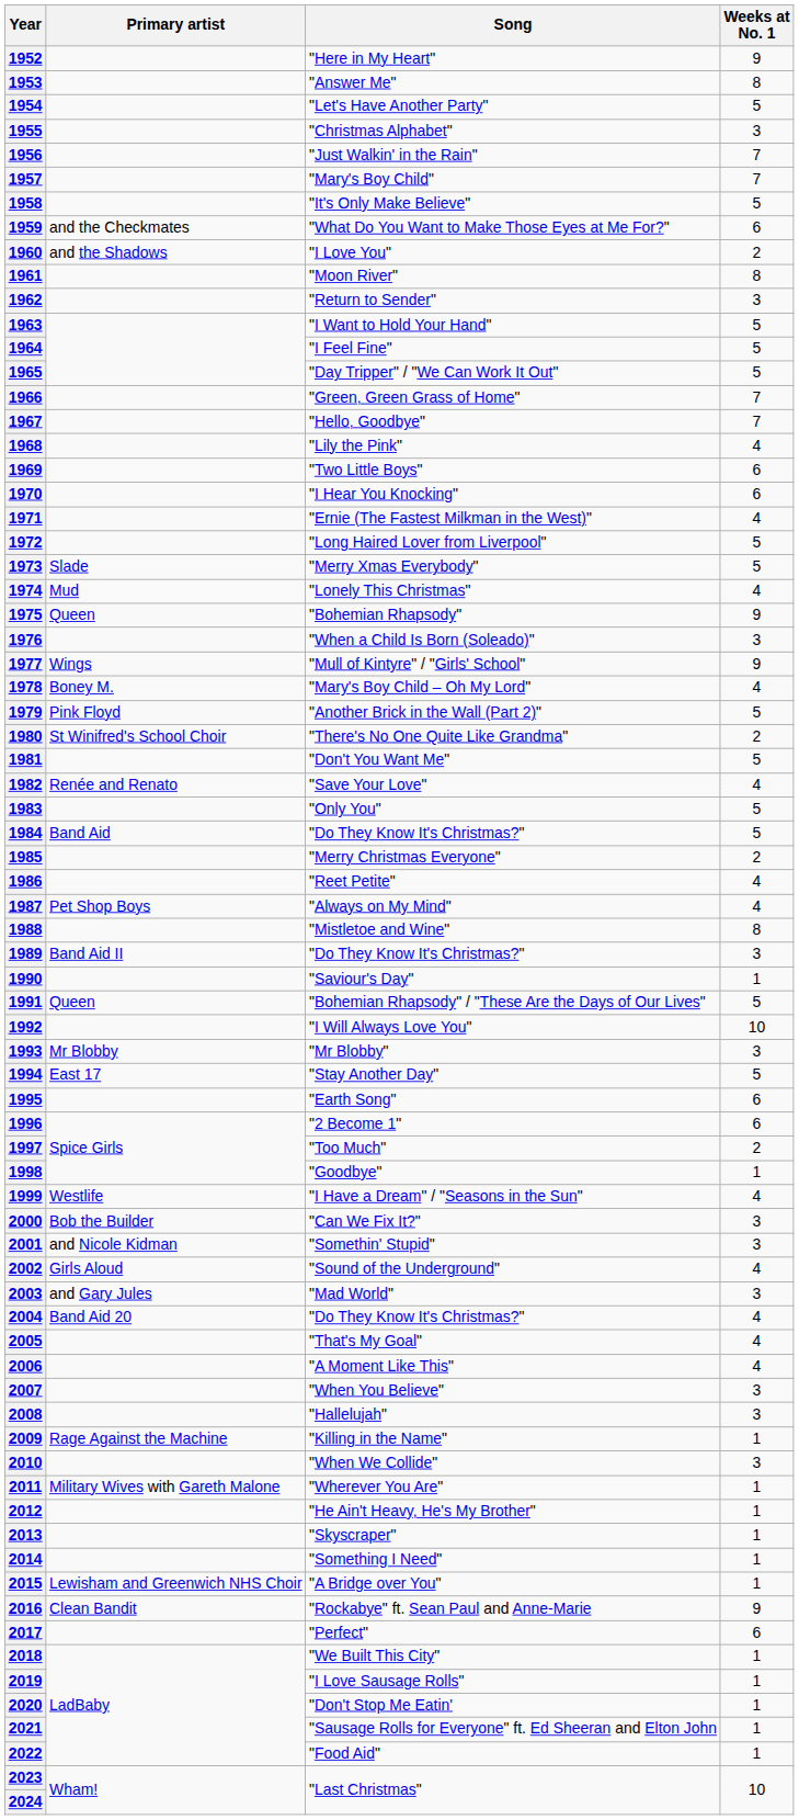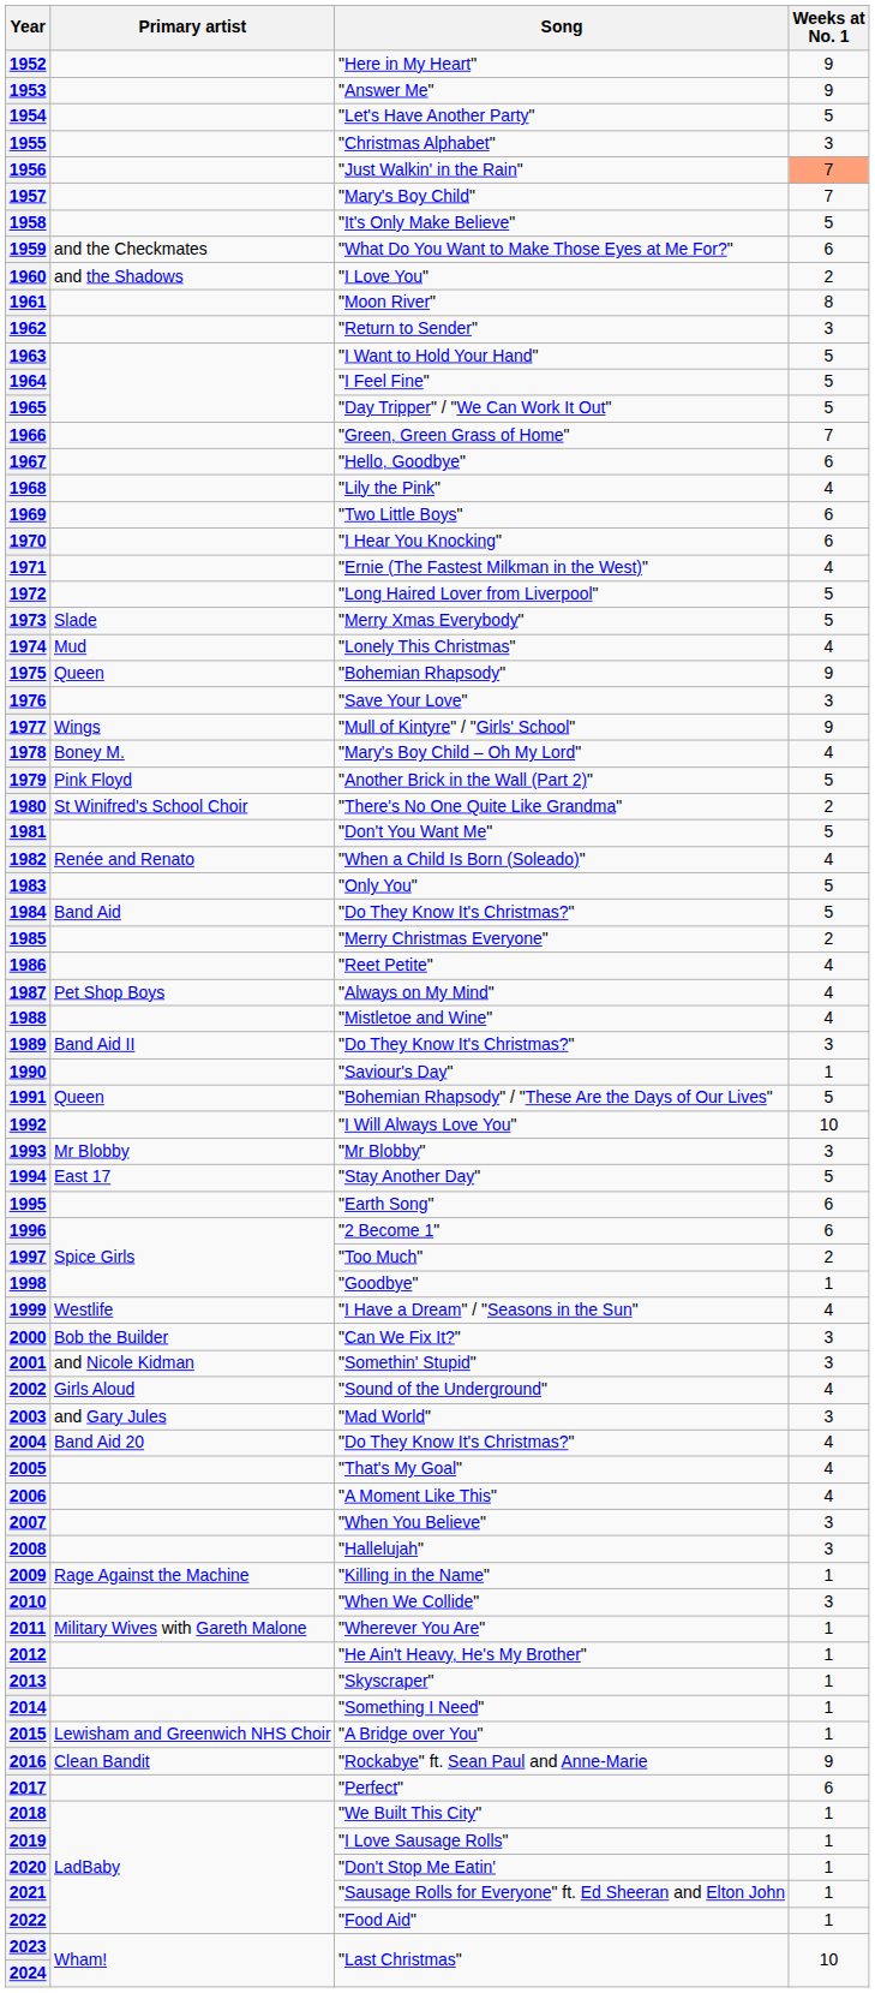 <table class="wikitable plainrowheaders sortable" style="align:left;">
 <tr>
 <th scope="col" style="align:center;">Year</th>
 <th scope="col">Primary artist</th>
 <th scope="col">Song</th>
 <th scope="col">Weeks at<br>No. 1</th>
 </tr>
 <tr>
 <th scope="row" style="text-align:center;"><a href='#'>1952</a></th>
 <td></td>
 <td>"<a href='#'>Here in My Heart</a>"</td>
 <td align="center">9</td>
 </tr>
 <tr>
 <th scope="row" style="text-align:center;"><a href='#'>1953</a></th>
 <td></td>
 <td>"<a href='#'>Answer Me</a>"</td>
-<td align="center">8</td>
+<td align="center">9</td>
 </tr>
 <tr>
 <th scope="row" style="text-align:center;"><a href='#'>1954</a></th>
 <td></td>
 <td>"<a href='#'>Let's Have Another Party</a>"</td>
 <td align="center">5</td>
 </tr>
 <tr>
 <th scope="row" style="text-align:center;"><a href='#'>1955</a></th>
 <td></td>
 <td>"<a href='#'>Christmas Alphabet</a>"</td>
 <td align="center">3</td>
 </tr>
 <tr>
 <th scope="row" style="text-align:center;"><a href='#'>1956</a></th>
 <td></td>
 <td>"<a href='#'>Just Walkin' in the Rain</a>"</td>
-<td align="center">7</td>
+<td align="center" style="background: lightsalmon;">7</td>
 </tr>
 <tr>
 <th scope="row" style="text-align:center;"><a href='#'>1957</a></th>
 <td></td>
 <td>"<a href='#'>Mary's Boy Child</a>"</td>
 <td align="center">7</td>
 </tr>
 <tr>
 <th scope="row" style="text-align:center;"><a href='#'>1958</a></th>
 <td></td>
 <td>"<a href='#'>It's Only Make Believe</a>"</td>
 <td align="center">5</td>
 </tr>
 <tr>
 <th scope="row" style="text-align:center;"><a href='#'>1959</a></th>
 <td> and the Checkmates</td>
 <td>"<a href='#'>What Do You Want to Make Those Eyes at Me For?</a>"</td>
 <td align="center">6</td>
 </tr>
 <tr>
 <th scope="row" style="text-align:center;"><a href='#'>1960</a></th>
 <td> and <a href='#'>the Shadows</a></td>
 <td>"<a href='#'>I Love You</a>"</td>
 <td align="center">2</td>
 </tr>
 <tr>
 <th scope="row" style="text-align:center;"><a href='#'>1961</a></th>
 <td></td>
 <td>"<a href='#'>Moon River</a>"</td>
 <td align="center">8</td>
 </tr>
 <tr>
 <th scope="row" style="text-align:center;"><a href='#'>1962</a></th>
 <td></td>
 <td>"<a href='#'>Return to Sender</a>"</td>
 <td align="center">3</td>
 </tr>
 <tr>
 <th scope="row" style="text-align:center;"><a href='#'>1963</a></th>
 <td rowspan="3"></td>
 <td>"<a href='#'>I Want to Hold Your Hand</a>"</td>
 <td align="center">5</td>
 </tr>
 <tr>
 <th scope="row" style="text-align:center;"><a href='#'>1964</a></th>
 <td>"<a href='#'>I Feel Fine</a>"</td>
 <td align="center">5</td>
 </tr>
 <tr>
 <th scope="row" style="text-align:center;"><a href='#'>1965</a></th>
 <td>"<a href='#'>Day Tripper</a>" / "<a href='#'>We Can Work It Out</a>"</td>
 <td align="center">5</td>
 </tr>
 <tr>
 <th scope="row" style="text-align:center;"><a href='#'>1966</a></th>
 <td></td>
 <td>"<a href='#'>Green, Green Grass of Home</a>"</td>
 <td align="center">7</td>
 </tr>
 <tr>
 <th scope="row" style="text-align:center;"><a href='#'>1967</a></th>
 <td></td>
 <td>"<a href='#'>Hello, Goodbye</a>"</td>
-<td align="center">7</td>
+<td align="center">6</td>
 </tr>
 <tr>
 <th scope="row" style="text-align:center;"><a href='#'>1968</a></th>
 <td></td>
 <td>"<a href='#'>Lily the Pink</a>"</td>
 <td align="center">4</td>
 </tr>
 <tr>
 <th scope="row" style="text-align:center;"><a href='#'>1969</a></th>
 <td></td>
 <td>"<a href='#'>Two Little Boys</a>"</td>
 <td align="center">6</td>
 </tr>
 <tr>
 <th scope="row" style="text-align:center;"><a href='#'>1970</a></th>
 <td></td>
 <td>"<a href='#'>I Hear You Knocking</a>"</td>
 <td align="center">6</td>
 </tr>
 <tr>
 <th scope="row" style="text-align:center;"><a href='#'>1971</a></th>
 <td></td>
 <td>"<a href='#'>Ernie (The Fastest Milkman in the West)</a>"</td>
 <td align="center">4</td>
 </tr>
 <tr>
 <th scope="row" style="text-align:center;"><a href='#'>1972</a></th>
 <td></td>
 <td>"<a href='#'>Long Haired Lover from Liverpool</a>"</td>
 <td align="center">5</td>
 </tr>
 <tr>
 <th scope="row" style="text-align:center;"><a href='#'>1973</a></th>
 <td><a href='#'>Slade</a></td>
 <td>"<a href='#'>Merry Xmas Everybody</a>"</td>
 <td align="center">5</td>
 </tr>
 <tr>
 <th scope="row" style="text-align:center;"><a href='#'>1974</a></th>
 <td><a href='#'>Mud</a></td>
 <td>"<a href='#'>Lonely This Christmas</a>"</td>
 <td align="center">4</td>
 </tr>
 <tr>
 <th scope="row" style="text-align:center;"><a href='#'>1975</a></th>
 <td><a href='#'>Queen</a></td>
 <td>"<a href='#'>Bohemian Rhapsody</a>"</td>
 <td align="center">9</td>
 </tr>
 <tr>
 <th scope="row" style="text-align:center;"><a href='#'>1976</a></th>
 <td></td>
-<td>"<a href='#'>When a Child Is Born (Soleado)</a>"</td>
+<td>"<a href='#'>Save Your Love</a>"</td>
 <td align="center">3</td>
 </tr>
 <tr>
 <th scope="row" style="text-align:center;"><a href='#'>1977</a></th>
 <td><a href='#'>Wings</a></td>
 <td>"<a href='#'>Mull of Kintyre</a>" / "<a href='#'>Girls' School</a>"</td>
 <td align="center">9</td>
 </tr>
 <tr>
 <th scope="row" style="text-align:center;"><a href='#'>1978</a></th>
 <td><a href='#'>Boney M.</a></td>
 <td>"<a href='#'>Mary's Boy Child – Oh My Lord</a>"</td>
 <td align="center">4</td>
 </tr>
 <tr>
 <th scope="row" style="text-align:center;"><a href='#'>1979</a></th>
 <td><a href='#'>Pink Floyd</a></td>
 <td>"<a href='#'>Another Brick in the Wall (Part 2)</a>"</td>
 <td align="center">5</td>
 </tr>
 <tr>
 <th scope="row" style="text-align:center;"><a href='#'>1980</a></th>
 <td><a href='#'>St Winifred's School Choir</a></td>
 <td>"<a href='#'>There's No One Quite Like Grandma</a>"</td>
 <td align="center">2</td>
 </tr>
 <tr>
 <th scope="row" style="text-align:center;"><a href='#'>1981</a></th>
 <td></td>
 <td>"<a href='#'>Don't You Want Me</a>"</td>
 <td align="center">5</td>
 </tr>
 <tr>
 <th scope="row" style="text-align:center;"><a href='#'>1982</a></th>
 <td><a href='#'>Renée and Renato</a></td>
-<td>"<a href='#'>Save Your Love</a>"</td>
+<td>"<a href='#'>When a Child Is Born (Soleado)</a>"</td>
 <td align="center">4</td>
 </tr>
 <tr>
 <th scope="row" style="text-align:center;"><a href='#'>1983</a></th>
 <td></td>
 <td>"<a href='#'>Only You</a>"</td>
 <td align="center">5</td>
 </tr>
 <tr>
 <th scope="row" style="text-align:center;"><a href='#'>1984</a></th>
 <td><a href='#'>Band Aid</a></td>
 <td>"<a href='#'>Do They Know It's Christmas?</a>"</td>
 <td align="center">5</td>
 </tr>
 <tr>
 <th scope="row" style="text-align:center;"><a href='#'>1985</a></th>
 <td></td>
 <td>"<a href='#'>Merry Christmas Everyone</a>"</td>
 <td align="center">2</td>
 </tr>
 <tr>
 <th scope="row" style="text-align:center;"><a href='#'>1986</a></th>
 <td></td>
 <td>"<a href='#'>Reet Petite</a>"</td>
 <td align="center">4</td>
 </tr>
 <tr>
 <th scope="row" style="text-align:center;"><a href='#'>1987</a></th>
 <td><a href='#'>Pet Shop Boys</a></td>
 <td>"<a href='#'>Always on My Mind</a>"</td>
 <td align="center">4</td>
 </tr>
 <tr>
 <th scope="row" style="text-align:center;"><a href='#'>1988</a></th>
 <td></td>
 <td>"<a href='#'>Mistletoe and Wine</a>"</td>
-<td align="center">8</td>
+<td align="center">4</td>
 </tr>
 <tr>
 <th scope="row" style="text-align:center;"><a href='#'>1989</a></th>
 <td><a href='#'>Band Aid II</a></td>
 <td>"<a href='#'>Do They Know It's Christmas?</a>"</td>
 <td align="center">3</td>
 </tr>
 <tr>
 <th scope="row" style="text-align:center;"><a href='#'>1990</a></th>
 <td></td>
 <td>"<a href='#'>Saviour's Day</a>"</td>
 <td align="center">1</td>
 </tr>
 <tr>
 <th scope="row" style="text-align:center;"><a href='#'>1991</a></th>
 <td><a href='#'>Queen</a></td>
 <td>"<a href='#'>Bohemian Rhapsody</a>" / "<a href='#'>These Are the Days of Our Lives</a>"</td>
 <td align="center">5</td>
 </tr>
 <tr>
 <th scope="row" style="text-align:center;"><a href='#'>1992</a></th>
 <td></td>
 <td>"<a href='#'>I Will Always Love You</a>"</td>
 <td align="center">10</td>
 </tr>
 <tr>
 <th scope="row" style="text-align:center;"><a href='#'>1993</a></th>
 <td><a href='#'>Mr Blobby</a></td>
 <td>"<a href='#'>Mr Blobby</a>"</td>
 <td align="center">3</td>
 </tr>
 <tr>
 <th scope="row" style="text-align:center;"><a href='#'>1994</a></th>
 <td><a href='#'>East 17</a></td>
 <td>"<a href='#'>Stay Another Day</a>"</td>
 <td align="center">5</td>
 </tr>
 <tr>
 <th scope="row" style="text-align:center;"><a href='#'>1995</a></th>
 <td></td>
 <td>"<a href='#'>Earth Song</a>"</td>
 <td align="center">6</td>
 </tr>
 <tr>
 <th scope="row" style="text-align:center;"><a href='#'>1996</a></th>
 <td rowspan="3"><a href='#'>Spice Girls</a></td>
 <td>"<a href='#'>2 Become 1</a>"</td>
 <td align="center">6</td>
 </tr>
 <tr>
 <th scope="row" style="text-align:center;"><a href='#'>1997</a></th>
 <td>"<a href='#'>Too Much</a>"</td>
 <td align="center">2</td>
 </tr>
 <tr>
 <th scope="row" style="text-align:center;"><a href='#'>1998</a></th>
 <td>"<a href='#'>Goodbye</a>"</td>
 <td align="center">1</td>
 </tr>
 <tr>
 <th scope="row" style="text-align:center;"><a href='#'>1999</a></th>
 <td><a href='#'>Westlife</a></td>
 <td>"<a href='#'>I Have a Dream</a>" / "<a href='#'>Seasons in the Sun</a>"</td>
 <td align="center">4</td>
 </tr>
 <tr>
 <th scope="row" style="text-align:center;"><a href='#'>2000</a></th>
 <td><a href='#'>Bob the Builder</a></td>
 <td>"<a href='#'>Can We Fix It?</a>"</td>
 <td align="center">3</td>
 </tr>
 <tr>
 <th scope="row" style="text-align:center;"><a href='#'>2001</a></th>
 <td> and <a href='#'>Nicole Kidman</a></td>
 <td>"<a href='#'>Somethin' Stupid</a>"</td>
 <td align="center">3</td>
 </tr>
 <tr>
 <th scope="row" style="text-align:center;"><a href='#'>2002</a></th>
 <td><a href='#'>Girls Aloud</a></td>
 <td>"<a href='#'>Sound of the Underground</a>"</td>
 <td align="center">4</td>
 </tr>
 <tr>
 <th scope="row" style="text-align:center;"><a href='#'>2003</a></th>
 <td> and <a href='#'>Gary Jules</a></td>
 <td>"<a href='#'>Mad World</a>"</td>
 <td align="center">3</td>
 </tr>
 <tr>
 <th scope="row" style="text-align:center;"><a href='#'>2004</a></th>
 <td><a href='#'>Band Aid 20</a></td>
 <td>"<a href='#'>Do They Know It's Christmas?</a>"</td>
 <td align="center">4</td>
 </tr>
 <tr>
 <th scope="row" style="text-align:center;"><a href='#'>2005</a></th>
 <td></td>
 <td>"<a href='#'>That's My Goal</a>"</td>
 <td align="center">4</td>
 </tr>
 <tr>
 <th scope="row" style="text-align:center;"><a href='#'>2006</a></th>
 <td></td>
 <td>"<a href='#'>A Moment Like This</a>"</td>
 <td align="center">4</td>
 </tr>
 <tr>
 <th scope="row" style="text-align:center;"><a href='#'>2007</a></th>
 <td></td>
 <td>"<a href='#'>When You Believe</a>"</td>
 <td align="center">3</td>
 </tr>
 <tr>
 <th scope="row" style="text-align:center;"><a href='#'>2008</a></th>
 <td></td>
 <td>"<a href='#'>Hallelujah</a>"</td>
 <td align="center">3</td>
 </tr>
 <tr>
 <th scope="row" style="text-align:center;"><a href='#'>2009</a></th>
 <td><a href='#'>Rage Against the Machine</a></td>
 <td>"<a href='#'>Killing in the Name</a>"</td>
 <td align="center">1</td>
 </tr>
 <tr>
 <th scope="row" style="text-align:center;"><a href='#'>2010</a></th>
 <td></td>
 <td>"<a href='#'>When We Collide</a>"</td>
 <td align="center">3</td>
 </tr>
 <tr>
 <th scope="row" style="text-align:center;"><a href='#'>2011</a></th>
 <td><a href='#'>Military Wives</a> with <a href='#'>Gareth Malone</a></td>
 <td>"<a href='#'>Wherever You Are</a>"</td>
 <td align="center">1</td>
 </tr>
 <tr>
 <th scope="row" style="text-align:center;"><a href='#'>2012</a></th>
 <td></td>
 <td>"<a href='#'>He Ain't Heavy, He's My Brother</a>"</td>
 <td align="center">1</td>
 </tr>
 <tr>
 <th scope="row" style="text-align:center;"><a href='#'>2013</a></th>
 <td></td>
 <td>"<a href='#'>Skyscraper</a>"</td>
 <td align="center">1</td>
 </tr>
 <tr>
 <th scope="row" style="text-align:center;"><a href='#'>2014</a></th>
 <td></td>
 <td>"<a href='#'>Something I Need</a>"</td>
 <td align="center">1</td>
 </tr>
 <tr>
 <th scope="row" style="text-align:center;"><a href='#'>2015</a></th>
 <td><a href='#'>Lewisham and Greenwich NHS Choir</a></td>
 <td>"<a href='#'>A Bridge over You</a>"</td>
 <td align="center">1</td>
 </tr>
 <tr>
 <th scope="row" style="text-align:center;"><a href='#'>2016</a></th>
 <td><a href='#'>Clean Bandit</a></td>
 <td>"<a href='#'>Rockabye</a>" ft. <a href='#'>Sean Paul</a> and <a href='#'>Anne-Marie</a></td>
 <td align="center">9</td>
 </tr>
 <tr>
 <th scope="row" style="text-align:center;"><a href='#'>2017</a></th>
 <td></td>
 <td>"<a href='#'>Perfect</a>"</td>
 <td align="center">6</td>
 </tr>
 <tr>
 <th scope="row" style="text-align:center;"><a href='#'>2018</a></th>
 <td rowspan="5"><a href='#'>LadBaby</a></td>
 <td>"<a href='#'>We Built This City</a>"</td>
 <td align="center">1</td>
 </tr>
 <tr>
 <th scope="row" style="text-align:center;"><a href='#'>2019</a></th>
 <td>"<a href='#'>I Love Sausage Rolls</a>"</td>
 <td align="center">1</td>
 </tr>
 <tr>
 <th scope="row" style="text-align:center;"><a href='#'>2020</a></th>
 <td>"<a href='#'>Don't Stop Me Eatin'</a></td>
 <td align="center">1</td>
 </tr>
 <tr>
 <th scope="row" style="text-align:center;"><a href='#'>2021</a></th>
 <td>"<a href='#'>Sausage Rolls for Everyone</a>" ft. <a href='#'>Ed Sheeran</a> and <a href='#'>Elton John</a></td>
 <td align="center">1</td>
 </tr>
 <tr>
 <th scope="row" style="text-align:center;"><a href='#'>2022</a></th>
 <td>"<a href='#'>Food Aid</a>"</td>
 <td align="center">1</td>
 </tr>
 <tr>
 <th scope="row" style="text-align:center;"><a href='#'>2023</a></th>
 <td rowspan="2"><a href='#'>Wham!</a></td>
 <td rowspan="2">"<a href='#'>Last Christmas</a>"</td>
 <td align="center"rowspan=2>10</td>
 </tr>
 <tr>
 <th scope="row" style="text-align:center;"><a href='#'>2024</a></th>
 </tr>
 </table>
